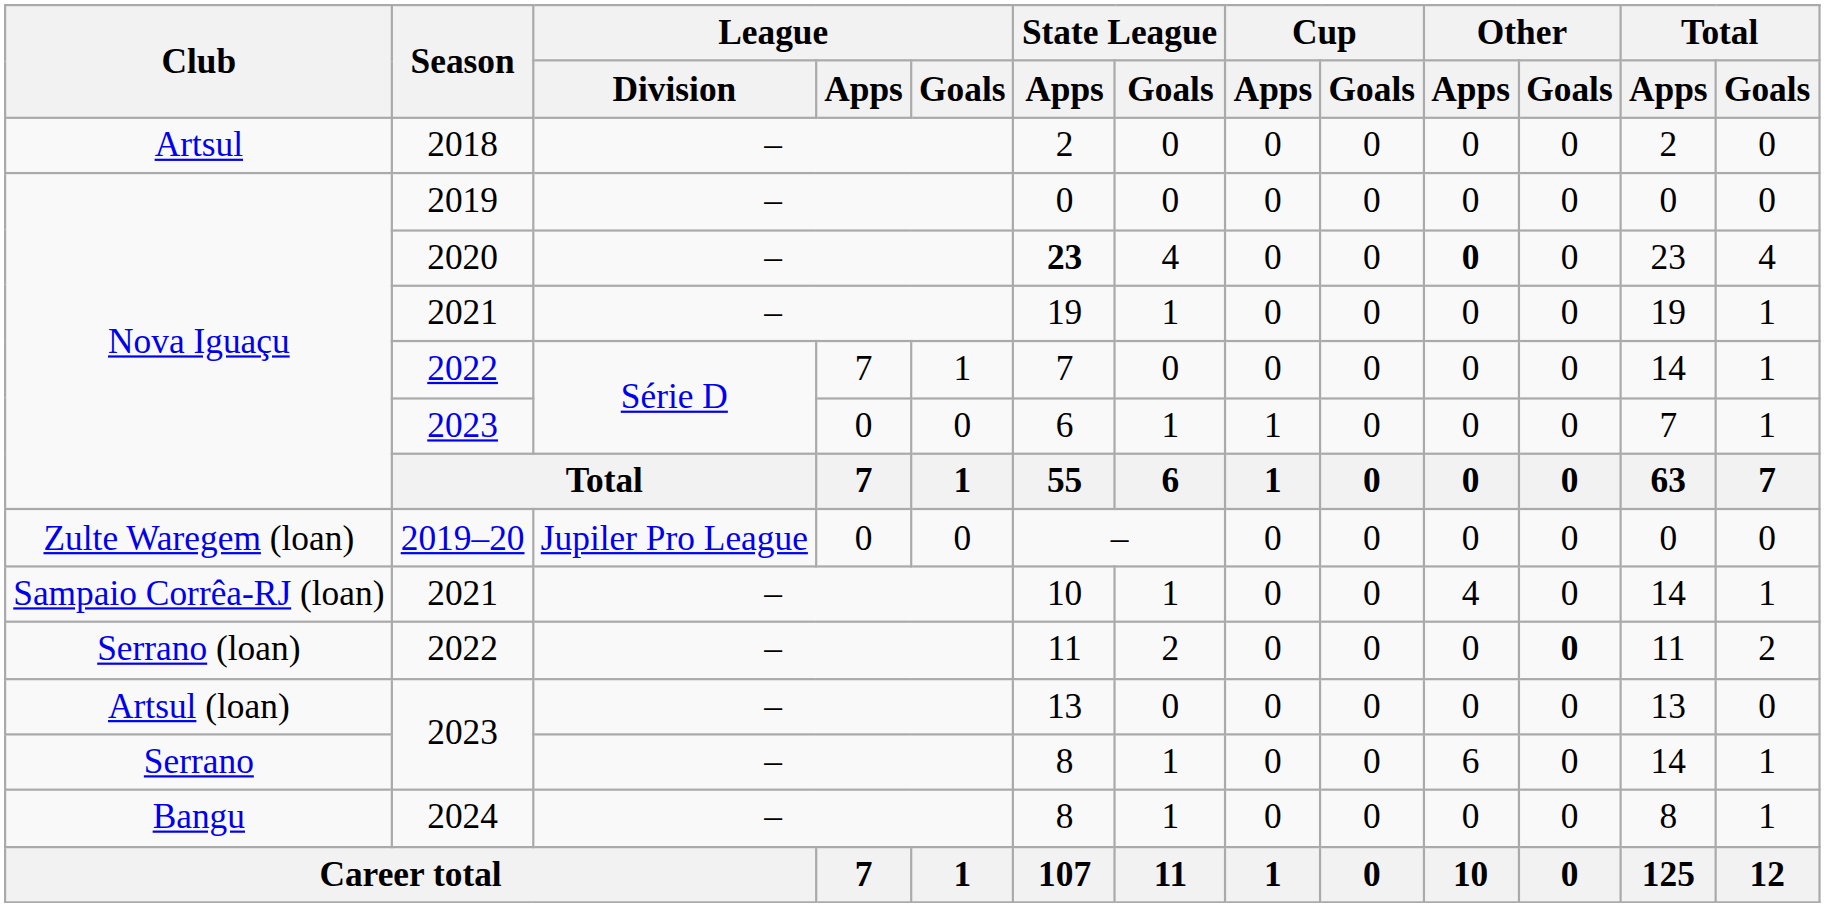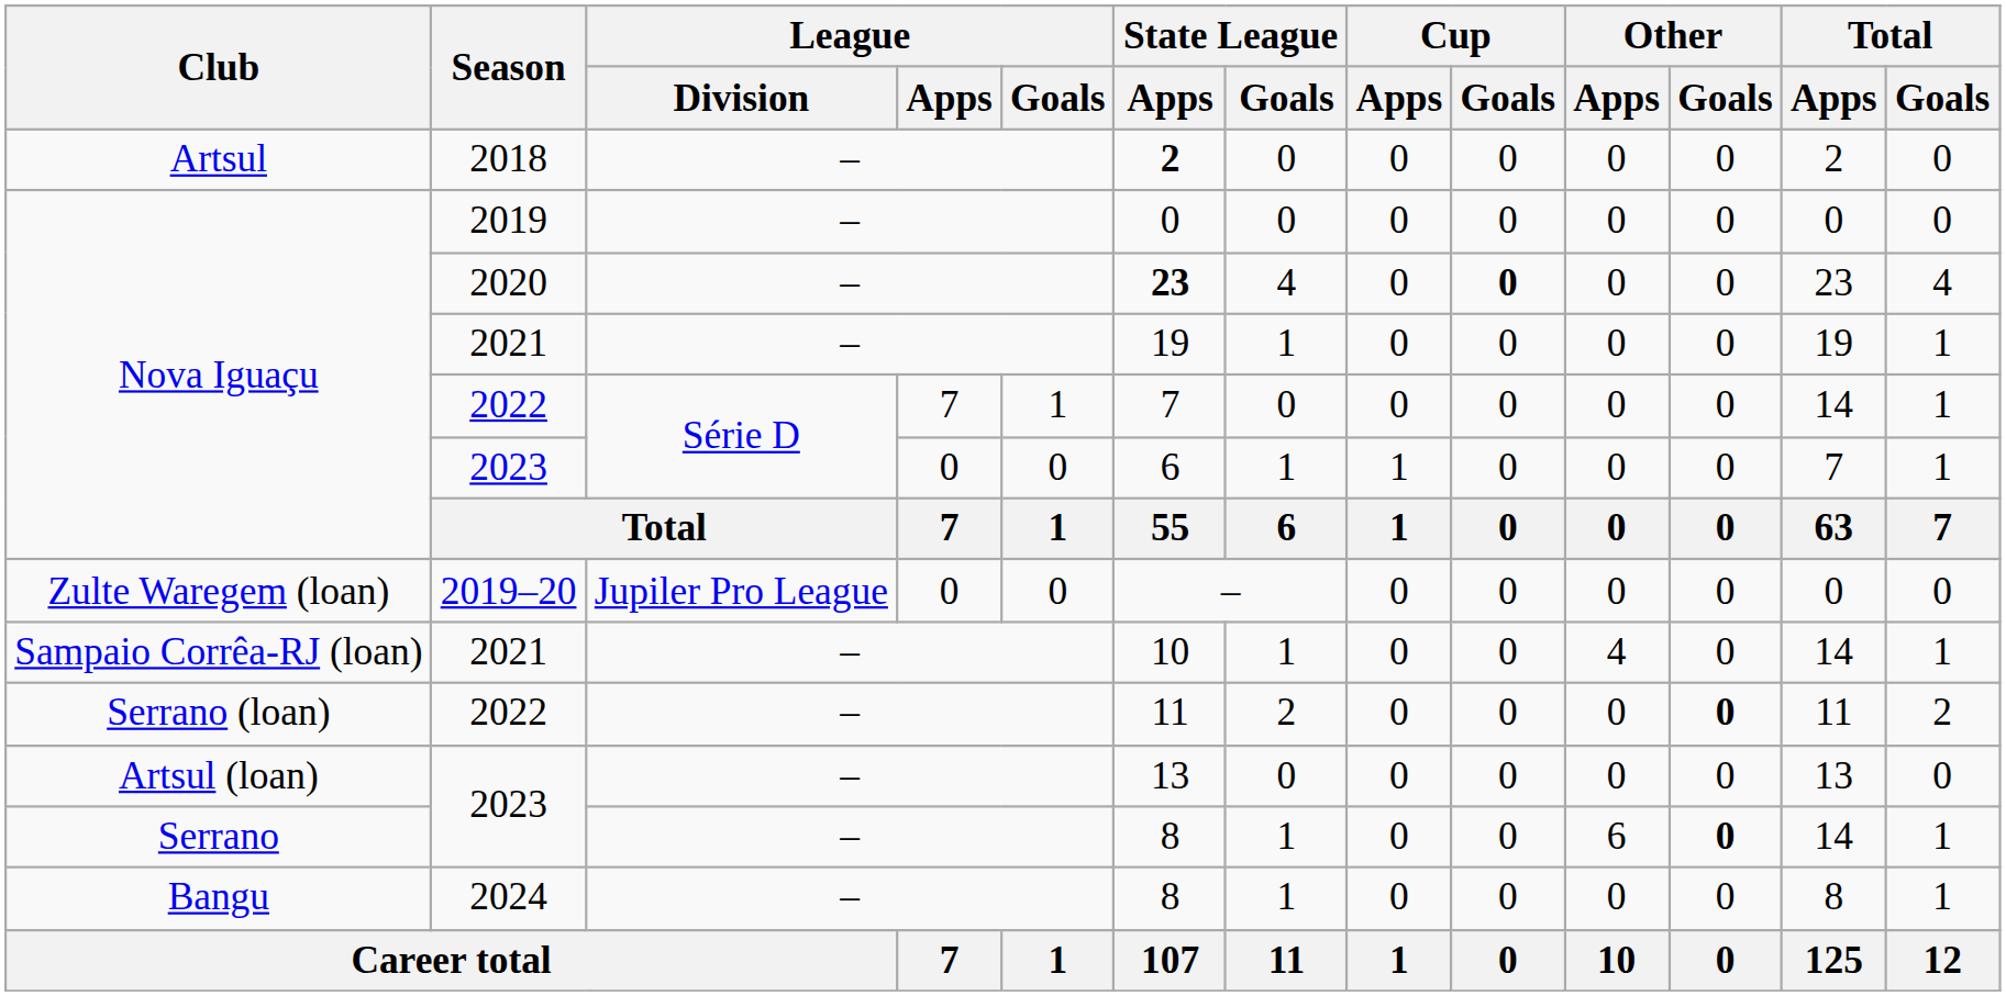 <table class=wikitable style=text-align:center>
 <tr>
 <th rowspan="2">Club</th>
 <th rowspan="2">Season</th>
 <th colspan="3">League</th>
 <th colspan="2">State League</th>
 <th colspan="2">Cup</th>
 <th colspan="2">Other</th>
 <th colspan="2">Total</th>
 </tr>
 <tr>
 <th>Division</th>
 <th>Apps</th>
 <th>Goals</th>
 <th>Apps</th>
 <th>Goals</th>
 <th>Apps</th>
 <th>Goals</th>
 <th>Apps</th>
 <th>Goals</th>
 <th>Apps</th>
 <th>Goals</th>
 </tr>
 <tr>
 <td><a href='#'>Artsul</a></td>
 <td>2018</td>
 <td colspan="3">–</td>
-<td>2</td>
+<td><strong>2</strong></td>
 <td>0</td>
 <td>0</td>
 <td>0</td>
 <td>0</td>
 <td>0</td>
 <td>2</td>
 <td>0</td>
 </tr>
 <tr>
 <td rowspan="6"><a href='#'>Nova Iguaçu</a></td>
 <td>2019</td>
 <td colspan="3">–</td>
 <td>0</td>
 <td>0</td>
 <td>0</td>
 <td>0</td>
 <td>0</td>
 <td>0</td>
 <td>0</td>
 <td>0</td>
 </tr>
 <tr>
 <td>2020</td>
 <td colspan="3">–</td>
 <td><strong>23</strong></td>
 <td>4</td>
 <td>0</td>
+<td><strong>0</strong></td>
 <td>0</td>
-<td><strong>0</strong></td>
 <td>0</td>
 <td>23</td>
 <td>4</td>
 </tr>
 <tr>
 <td>2021</td>
 <td colspan="3">–</td>
 <td>19</td>
 <td>1</td>
 <td>0</td>
 <td>0</td>
 <td>0</td>
 <td>0</td>
 <td>19</td>
 <td>1</td>
 </tr>
 <tr>
 <td><a href='#'>2022</a></td>
 <td rowspan="2"><a href='#'>Série D</a></td>
 <td>7</td>
 <td>1</td>
 <td>7</td>
 <td>0</td>
 <td>0</td>
 <td>0</td>
 <td>0</td>
 <td>0</td>
 <td>14</td>
 <td>1</td>
 </tr>
 <tr>
 <td><a href='#'>2023</a></td>
 <td>0</td>
 <td>0</td>
 <td>6</td>
 <td>1</td>
 <td>1</td>
 <td>0</td>
 <td>0</td>
 <td>0</td>
 <td>7</td>
 <td>1</td>
 </tr>
 <tr>
 <th colspan="2">Total</th>
 <th>7</th>
 <th>1</th>
 <th>55</th>
 <th>6</th>
 <th>1</th>
 <th>0</th>
 <th>0</th>
 <th>0</th>
 <th>63</th>
 <th>7</th>
 </tr>
 <tr>
 <td><a href='#'>Zulte Waregem</a> (loan)</td>
 <td><a href='#'>2019–20</a></td>
 <td><a href='#'>Jupiler Pro League</a></td>
 <td>0</td>
 <td>0</td>
 <td colspan="2">–</td>
 <td>0</td>
 <td>0</td>
 <td>0</td>
 <td>0</td>
 <td>0</td>
 <td>0</td>
 </tr>
 <tr>
 <td><a href='#'>Sampaio Corrêa-RJ</a> (loan)</td>
 <td>2021</td>
 <td colspan="3">–</td>
 <td>10</td>
 <td>1</td>
 <td>0</td>
 <td>0</td>
 <td>4</td>
 <td>0</td>
 <td>14</td>
 <td>1</td>
 </tr>
 <tr>
 <td><a href='#'>Serrano</a> (loan)</td>
 <td>2022</td>
 <td colspan="3">–</td>
 <td>11</td>
 <td>2</td>
 <td>0</td>
 <td>0</td>
 <td>0</td>
 <td><strong>0</strong></td>
 <td>11</td>
 <td>2</td>
 </tr>
 <tr>
 <td><a href='#'>Artsul</a> (loan)</td>
 <td rowspan="2">2023</td>
 <td colspan="3">–</td>
 <td>13</td>
 <td>0</td>
 <td>0</td>
 <td>0</td>
 <td>0</td>
 <td>0</td>
 <td>13</td>
 <td>0</td>
 </tr>
 <tr>
 <td><a href='#'>Serrano</a></td>
 <td colspan="3">–</td>
 <td>8</td>
 <td>1</td>
 <td>0</td>
 <td>0</td>
 <td>6</td>
-<td>0</td>
+<td><strong>0</strong></td>
 <td>14</td>
 <td>1</td>
 </tr>
 <tr>
 <td><a href='#'>Bangu</a></td>
 <td>2024</td>
 <td colspan="3">–</td>
 <td>8</td>
 <td>1</td>
 <td>0</td>
 <td>0</td>
 <td>0</td>
 <td>0</td>
 <td>8</td>
 <td>1</td>
 </tr>
 <tr>
 <th colspan="3">Career total</th>
 <th>7</th>
 <th>1</th>
 <th>107</th>
 <th>11</th>
 <th>1</th>
 <th>0</th>
 <th>10</th>
 <th>0</th>
 <th>125</th>
 <th>12</th>
 </tr>
 </table>
